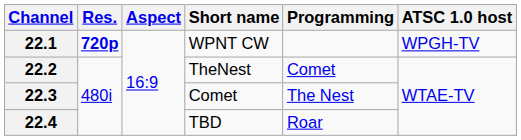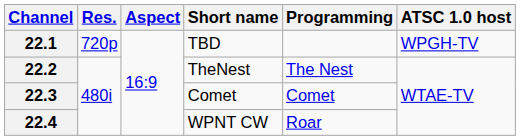 <table class="wikitable">
 <tr>
 <th scope = "col"><a href='#'>Channel</a></th>
 <th scope = "col"><a href='#'>Res.</a></th>
 <th scope = "col"><a href='#'>Aspect</a></th>
 <th scope = "col">Short name</th>
 <th scope = "col">Programming</th>
 <th scope = "col">ATSC 1.0 host</th>
 </tr>
 <tr>
 <th scope = "row">22.1</th>
-<td><strong><a href='#'>720p</a></strong></td>
+<td><a href='#'>720p</a></td>
 <td rowspan=4><a href='#'>16:9</a></td>
-<td>WPNT CW</td>
+<td>TBD</td>
 <td></td>
 <td><a href='#'>WPGH-TV</a></td>
 </tr>
 <tr>
 <th scope = "row">22.2</th>
 <td rowspan=3><a href='#'>480i</a></td>
 <td>TheNest</td>
-<td><a href='#'>Comet</a></td>
+<td><a href='#'>The Nest</a></td>
 <td rowspan=3><a href='#'>WTAE-TV</a></td>
 </tr>
 <tr>
 <th scope = "row">22.3</th>
 <td>Comet</td>
-<td><a href='#'>The Nest</a></td>
+<td><a href='#'>Comet</a></td>
 </tr>
 <tr>
 <th scope = "row">22.4</th>
-<td>TBD</td>
+<td>WPNT CW</td>
 <td><a href='#'>Roar</a></td>
 </tr>
 </table>
